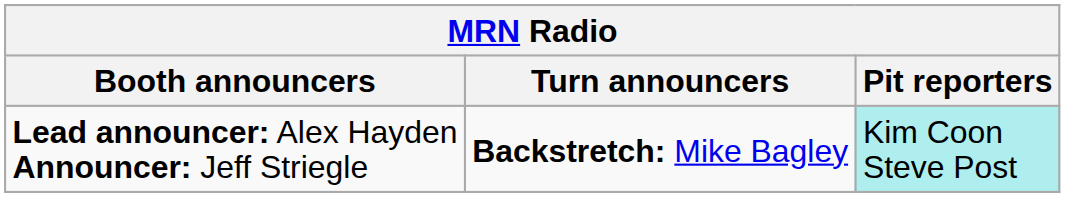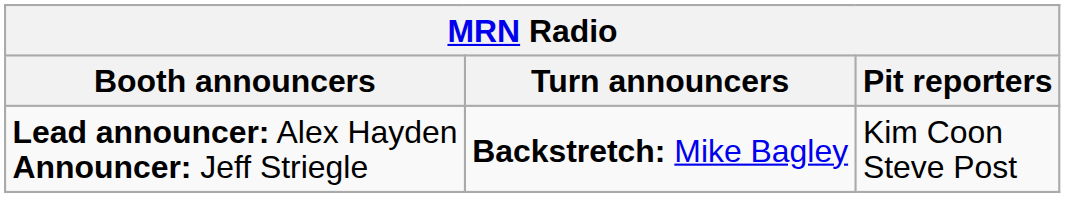 <table class="wikitable" style="font-size: 95%">
 <tr>
 <th colspan="3"><a href='#'>MRN</a> Radio</th>
 </tr>
 <tr>
 <th>Booth announcers</th>
 <th>Turn announcers</th>
 <th>Pit reporters</th>
 </tr>
 <tr>
 <td><strong>Lead announcer:</strong> Alex Hayden<br><strong>Announcer:</strong> Jeff Striegle</td>
 <td><strong>Backstretch:</strong> <a href='#'>Mike Bagley</a></td>
-<td style="background: paleturquoise;">Kim Coon<br>Steve Post</td>
+<td>Kim Coon<br>Steve Post</td>
 </tr>
 </table>
